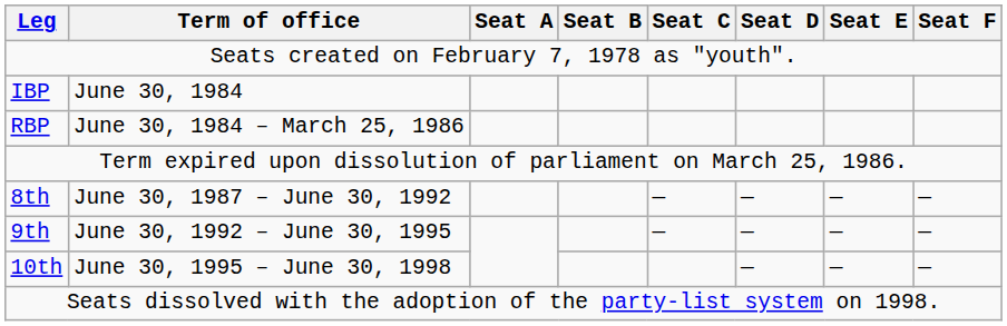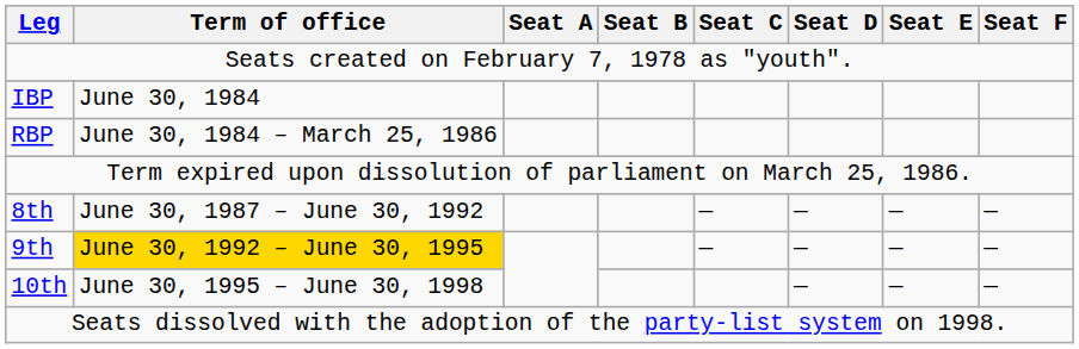 <table class="wikitable" style="font-size:95%;">
 <tr>
 <th><a href='#'>Leg</a></th>
 <th>Term of office</th>
 <th>Seat A</th>
 <th>Seat B</th>
 <th>Seat C</th>
 <th>Seat D</th>
 <th>Seat E</th>
 <th>Seat F</th>
 </tr>
 <tr>
 <td colspan="8" align="center">Seats created on February 7, 1978 as "youth".</td>
 </tr>
 <tr style="vertical-align:top;">
 <td><a href='#'>IBP</a></td>
 <td> June 30, 1984</td>
 <td></td>
 <td></td>
 <td></td>
 <td></td>
 <td></td>
 <td></td>
 </tr>
 <tr style="vertical-align:top;">
 <td><a href='#'>RBP</a></td>
 <td>June 30, 1984 – March 25, 1986</td>
 <td></td>
 <td></td>
 <td></td>
 <td></td>
 <td></td>
 <td></td>
 </tr>
 <tr>
 <td colspan="8" align="center">Term expired upon dissolution of parliament on March 25, 1986.</td>
 </tr>
 <tr style="vertical-align:top;">
 <td><a href='#'>8th</a></td>
 <td>June 30, 1987 – June 30, 1992</td>
 <td></td>
 <td></td>
 <td>—</td>
 <td>—</td>
 <td>—</td>
 <td>—</td>
 </tr>
 <tr style="vertical-align:top;">
 <td><a href='#'>9th</a></td>
-<td>June 30, 1992 – June 30, 1995</td>
+<td style="background: gold;">June 30, 1992 – June 30, 1995</td>
 <td rowspan="2"></td>
 <td></td>
 <td>—</td>
 <td>—</td>
 <td>—</td>
 <td>—</td>
 </tr>
 <tr style="vertical-align:top;">
 <td><a href='#'>10th</a></td>
 <td>June 30, 1995 – June 30, 1998</td>
 <td></td>
 <td></td>
 <td>—</td>
 <td>—</td>
 <td>—</td>
 </tr>
 <tr>
 <td colspan="8" align="center">Seats dissolved with the adoption of the <a href='#'>party-list system</a> on 1998.</td>
 </tr>
 </table>
